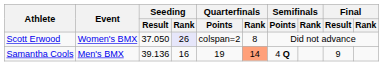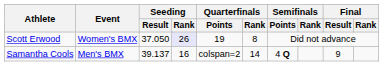 <table class=wikitable style="font-size:90%">
 <tr>
 <th rowspan="2">Athlete</th>
 <th rowspan="2">Event</th>
 <th colspan="2">Seeding</th>
 <th colspan="2">Quarterfinals</th>
 <th colspan="2">Semifinals</th>
 <th colspan="2">Final</th>
 </tr>
 <tr style="font-size:95%">
 <th>Result</th>
 <th>Rank</th>
 <th>Points</th>
 <th>Rank</th>
 <th>Points</th>
 <th>Rank</th>
 <th>Result</th>
 <th>Rank</th>
 </tr>
 <tr align=center>
 <td align=left><a href='#'>Scott Erwood</a></td>
 <td align=left><a href='#'>Women's BMX</a></td>
 <td>37.050</td>
 <td style="background: lavender;">26</td>
-<td>colspan=2 </td>
+<td>19</td>
 <td>8</td>
 <td colspan=4>Did not advance</td>
 </tr>
 <tr align=center>
 <td align=left><a href='#'>Samantha Cools</a></td>
 <td align=left><a href='#'>Men's BMX</a></td>
-<td>39.136</td>
+<td>39.137</td>
 <td>16</td>
-<td>19</td>
-<td style="background: lightsalmon;">14</td>
+<td>colspan=2 </td>
+<td>14</td>
 <td>4 <strong>Q</strong></td>
 <td></td>
 <td>9</td>
 </tr>
 </table>
